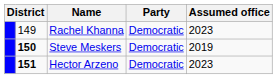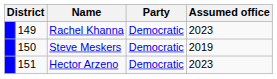 <table class="wikitable">
 <tr>
 <th colspan="2" style="text-align:center; vertical-align:bottom;"><strong>District</strong></th>
 <th style="text-align:center; vertical-align:bottom;"><strong>Name</strong></th>
 <th style="text-align:center; vertical-align:bottom;"><strong>Party</strong></th>
 <th style="text-align:center; vertical-align:bottom;"><strong>Assumed office</strong></th>
 </tr>
 <tr>
 <td style="background:blue;"> </td>
 <td>149</td>
 <td><a href='#'>Rachel Khanna</a></td>
 <td><a href='#'>Democratic</a></td>
 <td>2023</td>
 </tr>
 <tr>
 <td style="background:blue;"> </td>
-<td><strong>150</strong></td>
+<td>150</td>
 <td><a href='#'>Steve Meskers</a></td>
 <td><a href='#'>Democratic</a></td>
 <td>2019</td>
 </tr>
 <tr>
 <td style="background:blue;"> </td>
-<td><strong>151</strong></td>
+<td>151</td>
 <td><a href='#'>Hector Arzeno</a></td>
 <td><a href='#'>Democratic</a></td>
 <td>2023</td>
 </tr>
 </table>
